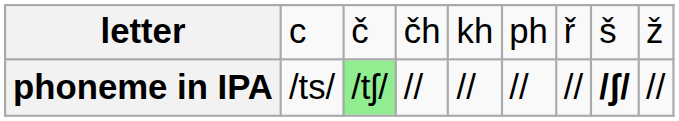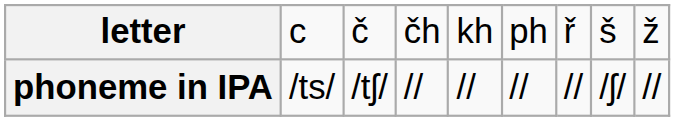 <table class="wikitable">
 <tr>
 <th>letter</th>
 <td>c</td>
 <td>č</td>
 <td>čh</td>
 <td>kh</td>
 <td>ph</td>
 <td>ř</td>
 <td>š</td>
 <td>ž</td>
 </tr>
 <tr>
 <th>phoneme in IPA</th>
 <td>/ts/</td>
-<td style="background: lightgreen;">/tʃ/</td>
+<td>/tʃ/</td>
 <td>//</td>
 <td>//</td>
 <td>//</td>
 <td>//</td>
-<td><strong>/ʃ/</strong></td>
+<td>/ʃ/</td>
 <td>//</td>
 </tr>
 </table>
